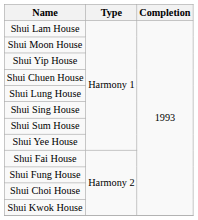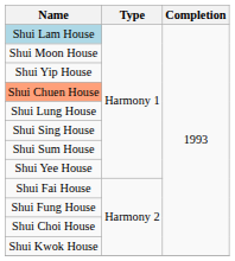 <table class="wikitable" style="text-align: center">
 <tr>
 <th>Name</th>
 <th>Type</th>
 <th>Completion</th>
 </tr>
 <tr>
-<td>Shui Lam House</td>
+<td style="background: lightblue;">Shui Lam House</td>
 <td rowspan="8">Harmony 1</td>
 <td rowspan="12">1993</td>
 </tr>
 <tr>
 <td>Shui Moon House</td>
 </tr>
 <tr>
 <td>Shui Yip House</td>
 </tr>
 <tr>
-<td>Shui Chuen House</td>
+<td style="background: lightsalmon;">Shui Chuen House</td>
 </tr>
 <tr>
 <td>Shui Lung House</td>
 </tr>
 <tr>
 <td>Shui Sing House</td>
 </tr>
 <tr>
 <td>Shui Sum House</td>
 </tr>
 <tr>
 <td>Shui Yee House</td>
 </tr>
 <tr>
 <td>Shui Fai House</td>
 <td rowspan="4">Harmony 2</td>
 </tr>
 <tr>
 <td>Shui Fung House</td>
 </tr>
 <tr>
 <td>Shui Choi House</td>
 </tr>
 <tr>
 <td>Shui Kwok House</td>
 </tr>
 <tr>
 </tr>
 </table>
